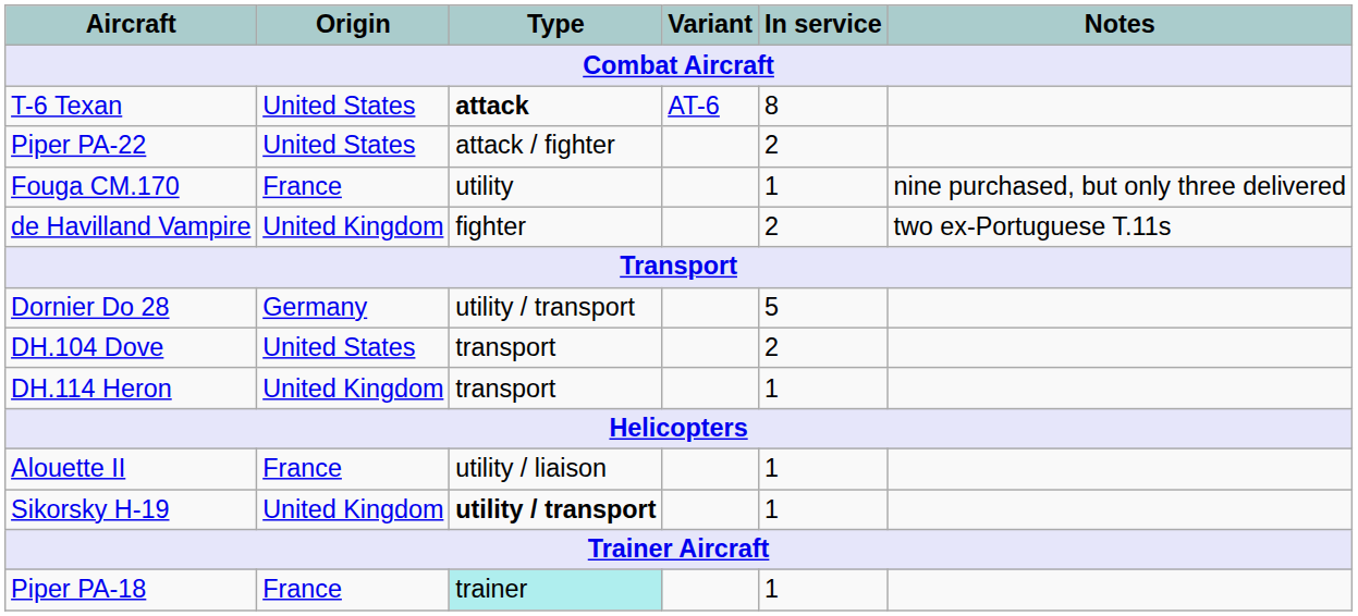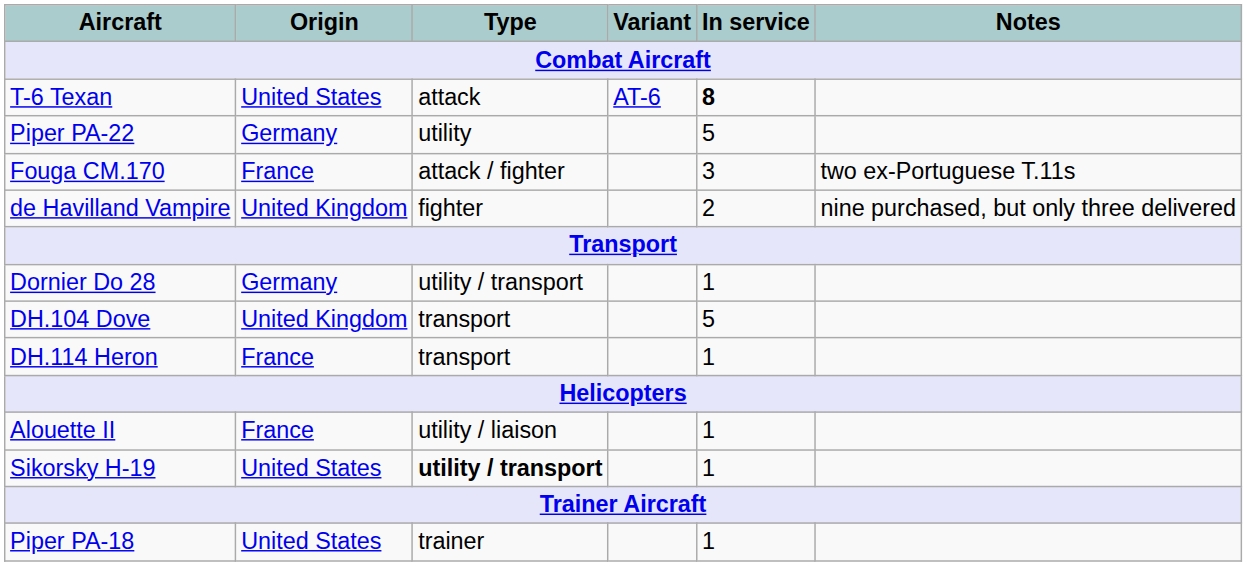 <table class="wikitable">
 <tr>
 <th style="text-align:center; background:#acc;">Aircraft</th>
 <th style="text-align: center; background:#acc;">Origin</th>
 <th style="text-align:l center; background:#acc;">Type</th>
 <th style="text-align:left; background:#acc;">Variant</th>
 <th style="text-align:center; background:#acc;">In service</th>
 <th style="text-align: center; background:#acc;">Notes</th>
 </tr>
 <tr>
 <th style="align: center; background: lavender;" colspan="7"><a href='#'>Combat Aircraft</a></th>
 </tr>
 <tr>
 <td><a href='#'>T-6 Texan</a></td>
 <td><a href='#'>United States</a></td>
-<td><strong>attack</strong></td>
+<td>attack</td>
 <td><a href='#'>AT-6</a></td>
-<td>8</td>
+<td><strong>8</strong></td>
 <td></td>
 </tr>
 <tr>
 <td><a href='#'>Piper PA-22</a></td>
-<td><a href='#'>United States</a></td>
-<td>attack / fighter</td>
+<td><a href='#'>Germany</a></td>
+<td>utility</td>
 <td></td>
-<td>2</td>
+<td>5</td>
 <td></td>
 </tr>
 <tr>
 <td><a href='#'>Fouga CM.170</a></td>
 <td><a href='#'>France</a></td>
-<td>utility</td>
+<td>attack / fighter</td>
 <td></td>
-<td>1</td>
-<td>nine purchased, but only three delivered</td>
+<td>3</td>
+<td>two ex-Portuguese T.11s</td>
 </tr>
 <tr>
 <td><a href='#'>de Havilland Vampire</a></td>
 <td><a href='#'>United Kingdom</a></td>
 <td>fighter</td>
 <td></td>
 <td>2</td>
-<td>two ex-Portuguese T.11s</td>
+<td>nine purchased, but only three delivered</td>
 </tr>
 <tr>
 <th style="align: center; background: lavender;" colspan="7"><a href='#'>Transport</a></th>
 </tr>
 <tr>
 <td><a href='#'>Dornier Do 28</a></td>
 <td><a href='#'>Germany</a></td>
 <td>utility / transport</td>
 <td></td>
+<td>1</td>
+<td></td>
+</tr>
+<tr>
+<td><a href='#'>DH.104 Dove</a></td>
+<td><a href='#'>United Kingdom</a></td>
+<td>transport</td>
+<td></td>
 <td>5</td>
 <td></td>
 </tr>
 <tr>
-<td><a href='#'>DH.104 Dove</a></td>
-<td><a href='#'>United States</a></td>
-<td>transport</td>
-<td></td>
-<td>2</td>
-<td></td>
-</tr>
-<tr>
 <td><a href='#'>DH.114 Heron</a></td>
-<td><a href='#'>United Kingdom</a></td>
+<td><a href='#'>France</a></td>
 <td>transport</td>
 <td></td>
 <td>1</td>
 <td></td>
 </tr>
 <tr>
 <th style="align: center; background: lavender;" colspan="7"><a href='#'>Helicopters</a></th>
 </tr>
 <tr>
 <td><a href='#'>Alouette II</a></td>
 <td><a href='#'>France</a></td>
 <td>utility / liaison</td>
 <td></td>
 <td>1</td>
 <td></td>
 </tr>
 <tr>
 <td><a href='#'>Sikorsky H-19</a></td>
-<td><a href='#'>United Kingdom</a></td>
+<td><a href='#'>United States</a></td>
 <td><strong>utility / transport</strong></td>
 <td></td>
 <td>1</td>
 <td></td>
 </tr>
 <tr>
 <th style="align: center; background: lavender;" colspan="7"><a href='#'>Trainer Aircraft</a></th>
 </tr>
 <tr>
 <td><a href='#'>Piper PA-18</a></td>
-<td><a href='#'>France</a></td>
-<td style="background: paleturquoise;">trainer</td>
+<td><a href='#'>United States</a></td>
+<td>trainer</td>
 <td></td>
 <td>1</td>
 <td></td>
 </tr>
 </table>
